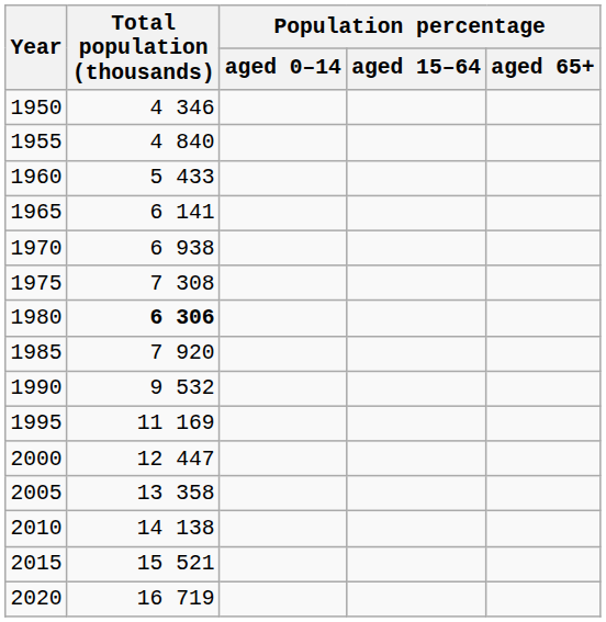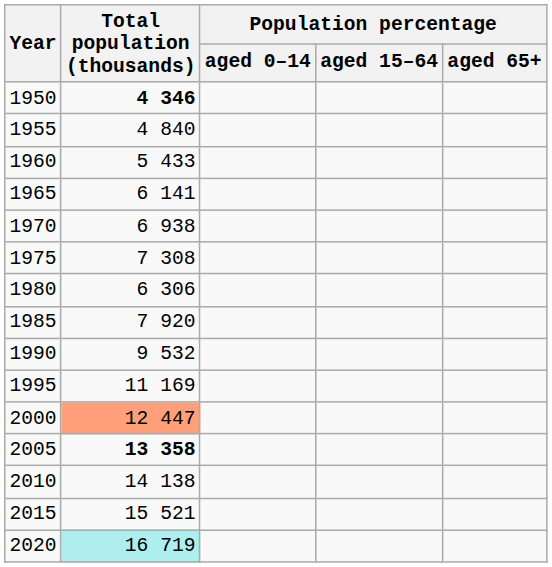 <table class="wikitable">
 <tr>
 <th rowspan=2>Year</th>
 <th rowspan=2 width="80pt">Total population (thousands)</th>
 <th colspan=3>Population percentage</th>
 </tr>
 <tr>
 <th>aged 0–14</th>
 <th>aged 15–64</th>
 <th>aged 65+</th>
 </tr>
 <tr>
 <td>1950</td>
-<td align="right">4 346</td>
+<td align="right"><strong>4 346</strong></td>
 <td></td>
 <td></td>
 <td></td>
 </tr>
 <tr>
 <td>1955</td>
 <td align="right">4 840</td>
 <td></td>
 <td></td>
 <td></td>
 </tr>
 <tr>
 <td>1960</td>
 <td align="right">5 433</td>
 <td></td>
 <td></td>
 <td></td>
 </tr>
 <tr>
 <td>1965</td>
 <td align="right">6 141</td>
 <td></td>
 <td></td>
 <td></td>
 </tr>
 <tr>
 <td>1970</td>
 <td align="right">6 938</td>
 <td></td>
 <td></td>
 <td></td>
 </tr>
 <tr>
 <td>1975</td>
 <td align="right">7 308</td>
 <td></td>
 <td></td>
 <td></td>
 </tr>
 <tr>
 <td>1980</td>
-<td align="right"><strong>6 306</strong></td>
+<td align="right">6 306</td>
 <td></td>
 <td></td>
 <td></td>
 </tr>
 <tr>
 <td>1985</td>
 <td align="right">7 920</td>
 <td></td>
 <td></td>
 <td></td>
 </tr>
 <tr>
 <td>1990</td>
 <td align="right">9 532</td>
 <td></td>
 <td></td>
 <td></td>
 </tr>
 <tr>
 <td>1995</td>
 <td align="right">11 169</td>
 <td></td>
 <td></td>
 <td></td>
 </tr>
 <tr>
 <td>2000</td>
-<td align="right">12 447</td>
+<td align="right" style="background: lightsalmon;">12 447</td>
 <td></td>
 <td></td>
 <td></td>
 </tr>
 <tr>
 <td>2005</td>
-<td align="right">13 358</td>
+<td align="right"><strong>13 358</strong></td>
 <td></td>
 <td></td>
 <td></td>
 </tr>
 <tr>
 <td>2010</td>
 <td align="right">14 138</td>
 <td></td>
 <td></td>
 <td></td>
 </tr>
 <tr>
 <td>2015</td>
 <td align="right">15 521</td>
 <td></td>
 <td></td>
 <td></td>
 </tr>
 <tr>
 <td>2020</td>
-<td align="right">16 719</td>
+<td align="right" style="background: paleturquoise;">16 719</td>
 <td></td>
 <td></td>
 <td></td>
 </tr>
 </table>
